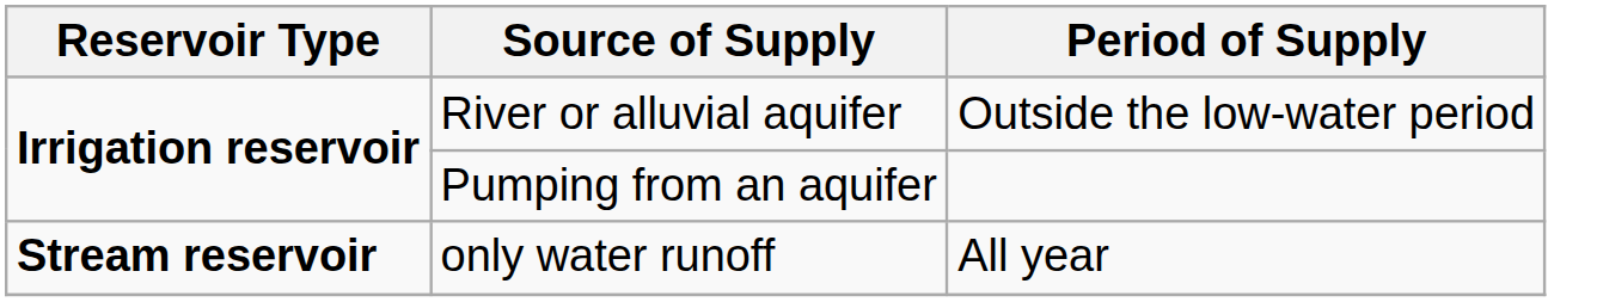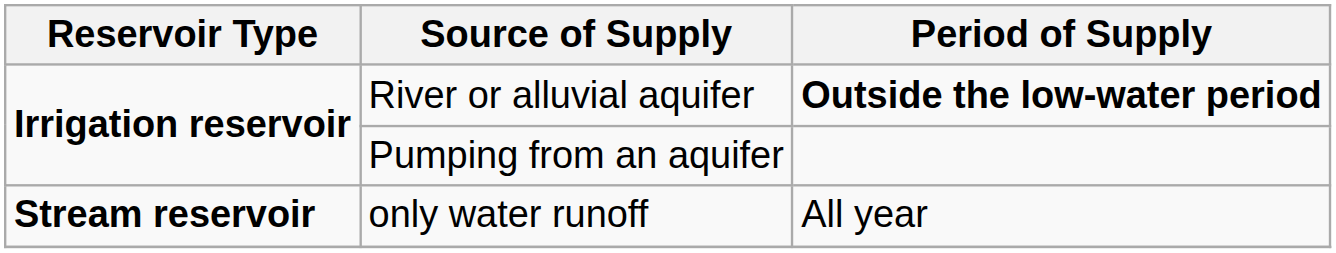 <table class="wikitable">
 <tr>
 <th>Reservoir Type</th>
 <th>Source of Supply</th>
 <th>Period of Supply</th>
 </tr>
 <tr>
 <td rowspan=2><strong>Irrigation reservoir </strong></td>
 <td>River or alluvial aquifer</td>
-<td>Outside the low-water period</td>
+<td><strong>Outside the low-water period</strong></td>
 </tr>
 <tr>
 <td>Pumping from an aquifer</td>
 </tr>
 <tr>
 <td><strong>Stream reservoir</strong></td>
 <td>only water runoff</td>
 <td>All year</td>
 </tr>
 <tr>
 </tr>
 </table>
